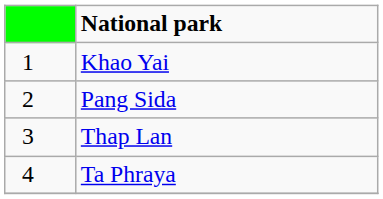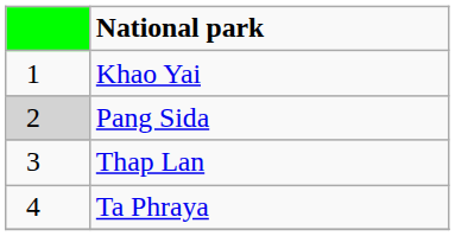 <table class= "wikitable" style= "width:20%; display:inline-table;">
 <tr>
 <td style="width:3%; background:#00FF00;"> </td>
 <td style="width:17%;"><strong>National park</strong></td>
 </tr>
 <tr>
 <td>  1</td>
 <td><a href='#'>Khao Yai</a></td>
 </tr>
 <tr>
-<td>  2</td>
+<td style="background: lightgrey;">  2</td>
 <td><a href='#'>Pang Sida</a></td>
 </tr>
 <tr>
 <td>  3</td>
 <td><a href='#'>Thap Lan</a></td>
 </tr>
 <tr>
 <td>  4</td>
 <td><a href='#'>Ta Phraya</a></td>
 </tr>
 <tr>
 </tr>
 </table>
